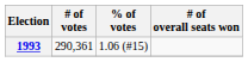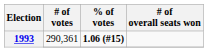 <table class=wikitable>
 <tr>
 <th>Election</th>
 <th># of<br>votes</th>
 <th>% of<br>votes</th>
 <th># of<br>overall seats won</th>
 </tr>
 <tr>
 <th rowspan="2"><a href='#'>1993</a></th>
 <td>290,361</td>
-<td>1.06 (#15)</td>
+<td><strong>1.06 (#15)</strong></td>
 <td></td>
 </tr>
 <tr>
 </tr>
 </table>
